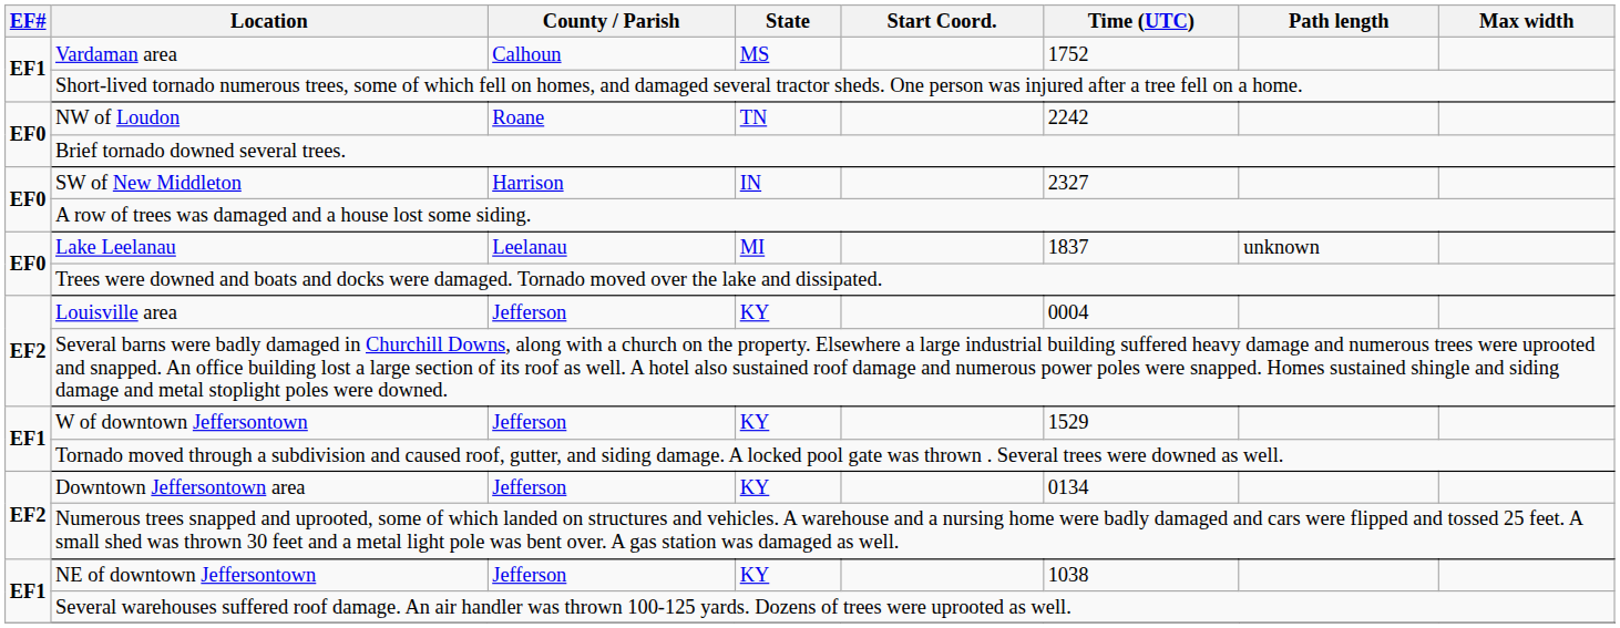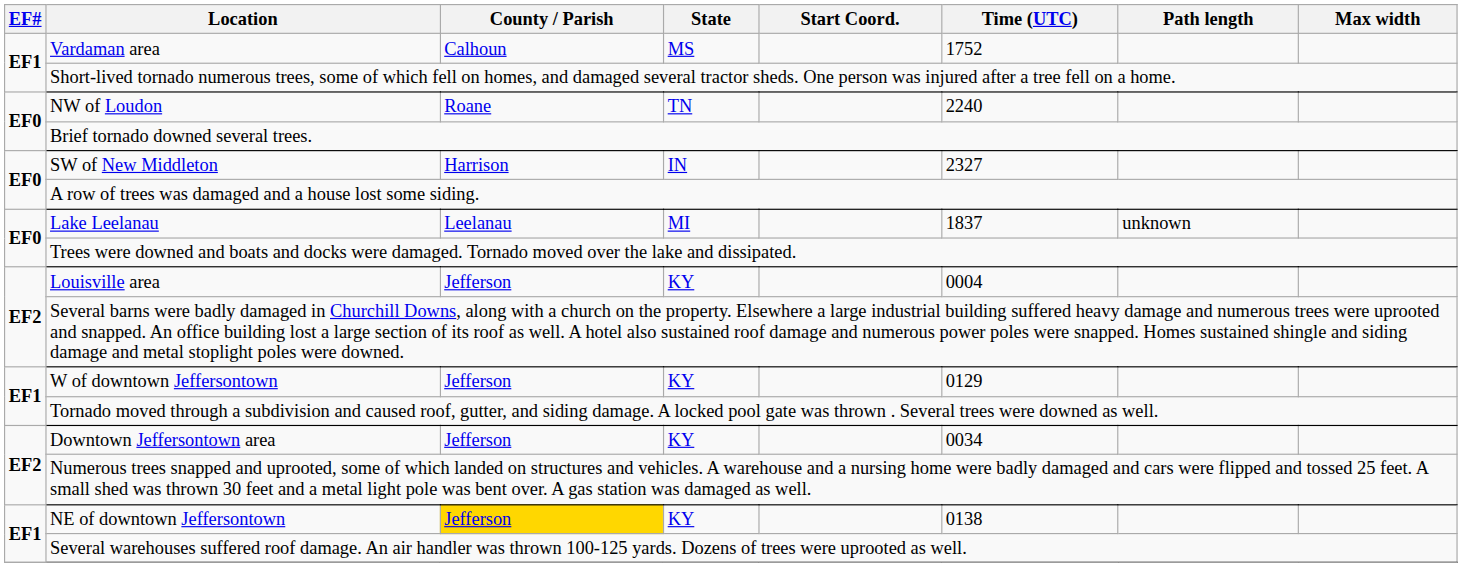 <table class="wikitable sortable" style="width:100%;">
 <tr>
 <th scope="col" width="2%" align="center"><a href='#'>EF#</a></th>
 <th scope="col" align="center" class="unsortable">Location</th>
 <th scope="col" align="center" class="unsortable">County / Parish</th>
 <th scope="col" align="center">State</th>
 <th scope="col" align="center" data-sort-type="number">Start Coord.</th>
 <th scope="col" align="center" data-sort-type="number">Time (<a href='#'>UTC</a>)</th>
 <th scope="col" align="center" data-sort-type="number">Path length</th>
 <th scope="col" align="center" data-sort-type="number">Max width</th>
 </tr>
 <tr>
 <td rowspan="2" align="center"><strong>EF1</strong></td>
 <td><a href='#'>Vardaman</a> area</td>
 <td><a href='#'>Calhoun</a></td>
 <td><a href='#'>MS</a></td>
 <td></td>
 <td>1752</td>
 <td></td>
 <td></td>
 </tr>
 <tr class="expand-child">
 <td colspan="8" style=" border-bottom: 1px solid black;">Short-lived tornado numerous trees, some of which fell on homes, and damaged several tractor sheds. One person was injured after a tree fell on a home.</td>
 </tr>
 <tr>
 <td rowspan="2" align="center"><strong>EF0</strong></td>
 <td>NW of <a href='#'>Loudon</a></td>
 <td><a href='#'>Roane</a></td>
 <td><a href='#'>TN</a></td>
 <td></td>
-<td>2242</td>
+<td>2240</td>
 <td></td>
 <td></td>
 </tr>
 <tr class="expand-child">
 <td colspan="8" style=" border-bottom: 1px solid black;">Brief tornado downed several trees.</td>
 </tr>
 <tr>
 <td rowspan="2" align="center"><strong>EF0</strong></td>
 <td>SW of <a href='#'>New Middleton</a></td>
 <td><a href='#'>Harrison</a></td>
 <td><a href='#'>IN</a></td>
 <td></td>
 <td>2327</td>
 <td></td>
 <td></td>
 </tr>
 <tr class="expand-child">
 <td colspan="8" style=" border-bottom: 1px solid black;">A row of trees was damaged and a house lost some siding.</td>
 </tr>
 <tr>
 <td rowspan="2" align="center"><strong>EF0</strong></td>
 <td><a href='#'>Lake Leelanau</a></td>
 <td><a href='#'>Leelanau</a></td>
 <td><a href='#'>MI</a></td>
 <td></td>
 <td>1837</td>
 <td>unknown</td>
 <td></td>
 </tr>
 <tr class="expand-child">
 <td colspan="8" style=" border-bottom: 1px solid black;">Trees were downed and boats and docks were damaged. Tornado moved over the lake and dissipated.</td>
 </tr>
 <tr>
 <td rowspan="2" align="center"><strong>EF2</strong></td>
 <td><a href='#'>Louisville</a> area</td>
 <td><a href='#'>Jefferson</a></td>
 <td><a href='#'>KY</a></td>
 <td></td>
 <td>0004</td>
 <td></td>
 <td></td>
 </tr>
 <tr class="expand-child">
 <td colspan="8" style=" border-bottom: 1px solid black;">Several barns were badly damaged in <a href='#'>Churchill Downs</a>, along with a church on the property. Elsewhere a large industrial building suffered heavy damage and numerous trees were uprooted and snapped. An office building lost a large section of its roof as well. A hotel also sustained roof damage and numerous power poles were snapped. Homes sustained shingle and siding damage and metal stoplight poles were downed.</td>
 </tr>
 <tr>
 <td rowspan="2" align="center"><strong>EF1</strong></td>
 <td>W of downtown <a href='#'>Jeffersontown</a></td>
 <td><a href='#'>Jefferson</a></td>
 <td><a href='#'>KY</a></td>
 <td></td>
-<td>1529</td>
+<td>0129</td>
 <td></td>
 <td></td>
 </tr>
 <tr class="expand-child">
 <td colspan="8" style=" border-bottom: 1px solid black;">Tornado moved through a subdivision and caused roof, gutter, and siding damage. A locked pool gate was thrown . Several trees were downed as well.</td>
 </tr>
 <tr>
 <td rowspan="2" align="center"><strong>EF2</strong></td>
 <td>Downtown <a href='#'>Jeffersontown</a> area</td>
 <td><a href='#'>Jefferson</a></td>
 <td><a href='#'>KY</a></td>
 <td></td>
-<td>0134</td>
+<td>0034</td>
 <td></td>
 <td></td>
 </tr>
 <tr class="expand-child">
 <td colspan="8" style=" border-bottom: 1px solid black;">Numerous trees snapped and uprooted, some of which landed on structures and vehicles. A warehouse and a nursing home were badly damaged and cars were flipped and tossed 25 feet. A small shed was thrown 30 feet and a metal light pole was bent over. A gas station was damaged as well.</td>
 </tr>
 <tr>
 <td rowspan="2" align="center"><strong>EF1</strong></td>
 <td>NE of downtown <a href='#'>Jeffersontown</a></td>
-<td><a href='#'>Jefferson</a></td>
+<td style="background: gold;"><a href='#'>Jefferson</a></td>
 <td><a href='#'>KY</a></td>
 <td></td>
-<td>1038</td>
+<td>0138</td>
 <td></td>
 <td></td>
 </tr>
 <tr class="expand-child">
 <td colspan="8" style=" border-bottom: 1px solid black;">Several warehouses suffered roof damage. An air handler was thrown 100-125 yards. Dozens of trees were uprooted as well.</td>
 </tr>
 <tr>
 </tr>
 </table>
